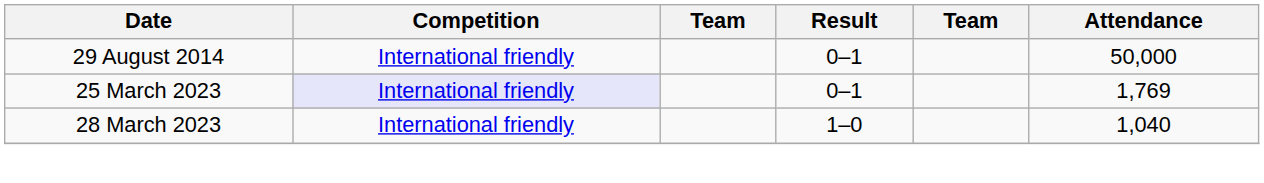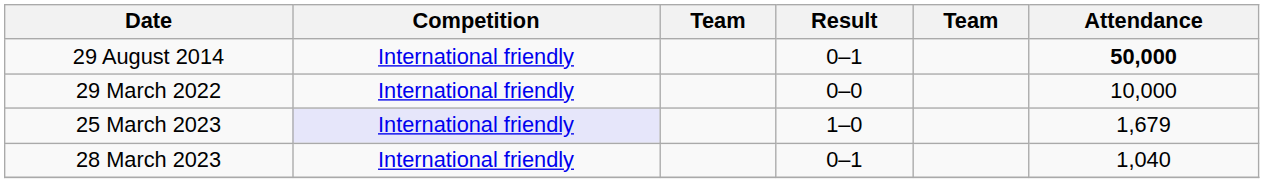 <table class="wikitable" style="text-align: left;" width="73%">
 <tr>
 <th>Date</th>
 <th>Competition</th>
 <th>Team</th>
 <th>Result</th>
 <th>Team</th>
 <th>Attendance</th>
 </tr>
 <tr>
 <td style="text-align:center;">29 August 2014</td>
 <td style="text-align:center;"><a href='#'>International friendly</a></td>
 <td></td>
 <td align=center>0–1</td>
 <td></td>
-<td style="text-align:center;">50,000</td>
+<td style="text-align:center;"><strong>50,000</strong></td>
+</tr>
+<tr>
+<td style="text-align:center;">29 March 2022</td>
+<td style="text-align:center;"><a href='#'>International friendly</a></td>
+<td></td>
+<td align=center>0–0</td>
+<td></td>
+<td style="text-align:center;">10,000</td>
 </tr>
 <tr>
 <td style="text-align:center;">25 March 2023</td>
 <td style="background: lavender; text-align:center;"><a href='#'>International friendly</a></td>
 <td></td>
-<td align=center>0–1</td>
+<td align=center>1–0</td>
 <td></td>
-<td style="text-align:center;">1,769</td>
+<td style="text-align:center;">1,679</td>
 </tr>
 <tr>
 <td style="text-align:center;">28 March 2023</td>
 <td style="text-align:center;"><a href='#'>International friendly</a></td>
 <td></td>
-<td align=center>1–0</td>
+<td align=center>0–1</td>
 <td></td>
 <td style="text-align:center;">1,040</td>
 </tr>
 <tr>
 </tr>
 </table>
